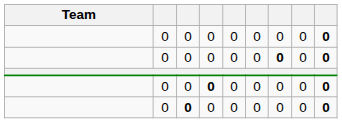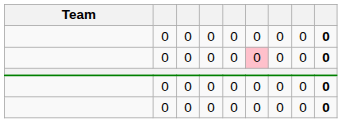 <table class="wikitable" style="text-align: center;">
 <tr>
 <th width=170>Team</th>
 <th width=20></th>
 <th width=20></th>
 <th width=20></th>
 <th width=20></th>
 <th width=20></th>
 <th width=20></th>
 <th width=20></th>
 <th width=20></th>
 </tr>
 <tr>
 <td style="text-align:left;"></td>
 <td>0</td>
 <td>0</td>
 <td>0</td>
 <td>0</td>
 <td>0</td>
 <td>0</td>
 <td>0</td>
 <td><strong>0</strong></td>
 </tr>
 <tr>
 <td style="text-align:left;"></td>
 <td>0</td>
 <td>0</td>
 <td>0</td>
 <td>0</td>
+<td style="background: pink;">0</td>
 <td>0</td>
-<td><strong>0</strong></td>
 <td>0</td>
 <td><strong>0</strong></td>
 </tr>
 <tr>
 <th colspan=9 style="border-bottom:2px solid green"></th>
 </tr>
 <tr>
 <td style="text-align:left;"></td>
 <td>0</td>
 <td>0</td>
-<td><strong>0</strong></td>
+<td>0</td>
 <td>0</td>
 <td>0</td>
 <td>0</td>
 <td>0</td>
 <td><strong>0</strong></td>
 </tr>
 <tr>
 <td style="text-align:left;"></td>
 <td>0</td>
-<td><strong>0</strong></td>
+<td>0</td>
 <td>0</td>
 <td>0</td>
 <td>0</td>
 <td>0</td>
 <td>0</td>
 <td><strong>0</strong></td>
 </tr>
 </table>
